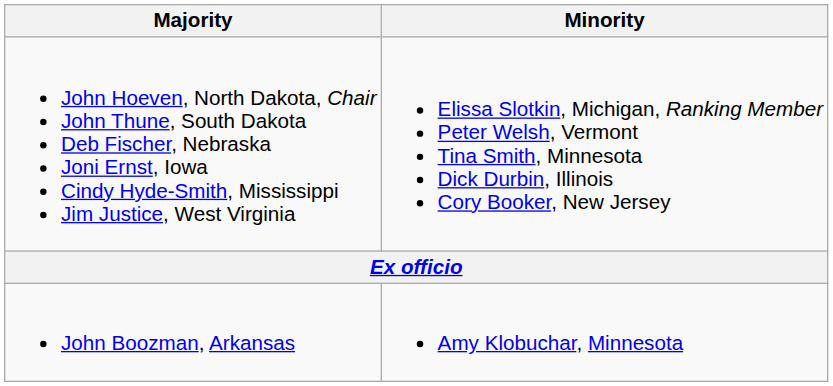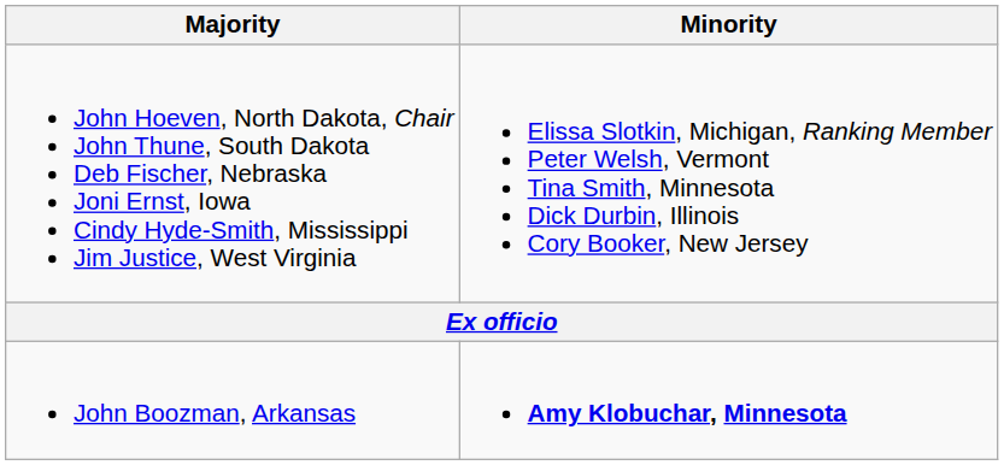 <table class=wikitable>
 <tr>
 <th>Majority</th>
 <th>Minority</th>
 </tr>
 <tr>
 <td><br><ul><li><a href='#'>John Hoeven</a>, North Dakota, <em>Chair</em></li><li><a href='#'>John Thune</a>, South Dakota</li><li><a href='#'>Deb Fischer</a>, Nebraska</li><li><a href='#'>Joni Ernst</a>, Iowa</li><li><a href='#'>Cindy Hyde-Smith</a>, Mississippi</li><li><a href='#'>Jim Justice</a>, West Virginia</li></ul></td>
 <td><br><ul><li><a href='#'>Elissa Slotkin</a>, Michigan, <em>Ranking Member</em></li><li><a href='#'>Peter Welsh</a>, Vermont</li><li><a href='#'>Tina Smith</a>, Minnesota</li><li><a href='#'>Dick Durbin</a>, Illinois</li><li><a href='#'>Cory Booker</a>, New Jersey</li></ul></td>
 </tr>
 <tr>
 <th colspan=2><em><a href='#'>Ex officio</a></em></th>
 </tr>
 <tr>
 <td><br><ul><li><a href='#'>John Boozman</a>, <a href='#'>Arkansas</a></li></ul></td>
-<td><br><ul><li><a href='#'>Amy Klobuchar</a>, <a href='#'>Minnesota</a></li></ul></td>
+<td><strong><br><ul><li><a href='#'>Amy Klobuchar</a>, <a href='#'>Minnesota</a></li></ul></strong></td>
 </tr>
 </table>
